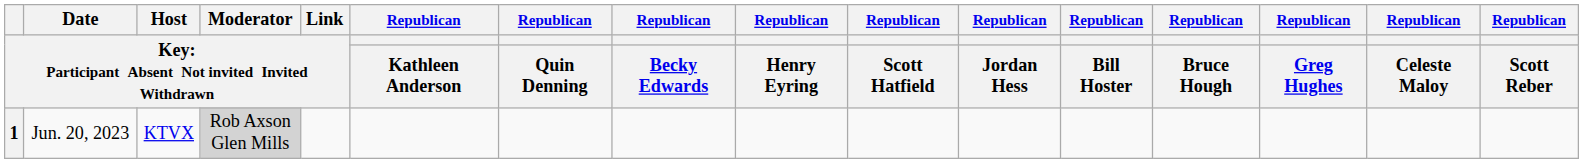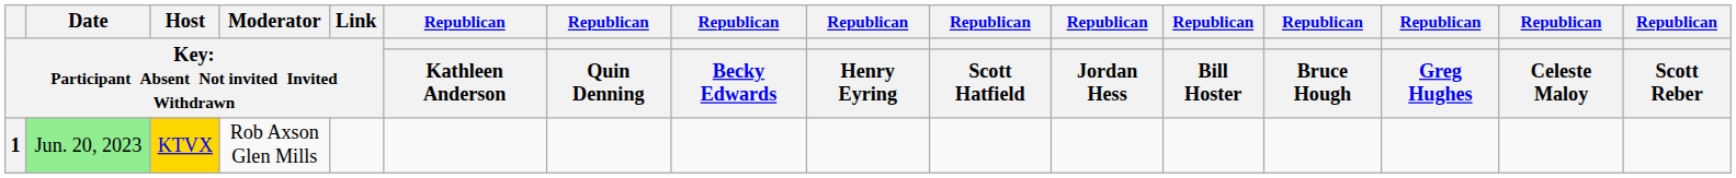 <table class="wikitable" style="text-align:center;font-size:90%;">
 <tr>
 <th scope="col"></th>
 <th scope="col">Date</th>
 <th scope="col">Host</th>
 <th scope="col">Moderator</th>
 <th scope="col">Link</th>
 <th scope="col"><small><a href='#'>Republican</a></small></th>
 <th scope="col"><small><a href='#'>Republican</a></small></th>
 <th scope="col"><small><a href='#'>Republican</a></small></th>
 <th scope="col"><small><a href='#'>Republican</a></small></th>
 <th scope="col"><small><a href='#'>Republican</a></small></th>
 <th scope="col"><small><a href='#'>Republican</a></small></th>
 <th scope="col"><small><a href='#'>Republican</a></small></th>
 <th scope="col"><small><a href='#'>Republican</a></small></th>
 <th scope="col"><small><a href='#'>Republican</a></small></th>
 <th scope="col"><small><a href='#'>Republican</a></small></th>
 <th scope="col"><small><a href='#'>Republican</a></small></th>
 </tr>
 <tr>
 <th colspan="5" rowspan="2">Key:<br> <small>Participant </small>  <small>Absent </small>  <small>Not invited </small>  <small>Invited  Withdrawn</small></th>
 <th scope="col" style="background:"></th>
 <th scope="col" style="background:"></th>
 <th scope="col" style="background:"></th>
 <th scope="col" style="background:"></th>
 <th scope="col" style="background:"></th>
 <th scope="col" style="background:"></th>
 <th scope="col" style="background:"></th>
 <th scope="col" style="background:"></th>
 <th scope="col" style="background:"></th>
 <th scope="col" style="background:"></th>
 <th scope="col" style="background:"></th>
 </tr>
 <tr>
 <th scope="col">Kathleen Anderson</th>
 <th scope="col">Quin Denning</th>
 <th scope="col"><a href='#'>Becky Edwards</a></th>
 <th scope="col">Henry Eyring</th>
 <th scope="col">Scott Hatfield</th>
 <th scope="col">Jordan Hess</th>
 <th scope="col">Bill Hoster</th>
 <th scope="col">Bruce Hough</th>
 <th scope="col"><a href='#'>Greg Hughes</a></th>
 <th scope="col">Celeste Maloy</th>
 <th scope="col">Scott Reber</th>
 </tr>
 <tr>
 <th>1</th>
-<td style="white-space:nowrap;">Jun. 20, 2023</td>
-<td style="white-space:nowrap;"><a href='#'>KTVX</a></td>
-<td style="background: lightgrey; white-space:nowrap;">Rob Axson<br>Glen Mills</td>
+<td style="background: lightgreen; white-space:nowrap;">Jun. 20, 2023</td>
+<td style="background: gold; white-space:nowrap;"><a href='#'>KTVX</a></td>
+<td style="white-space:nowrap;">Rob Axson<br>Glen Mills</td>
 <td style="white-space:nowrap;"><br></td>
 <td></td>
 <td></td>
 <td></td>
 <td></td>
 <td></td>
 <td></td>
 <td></td>
 <td></td>
 <td></td>
 <td></td>
 <td></td>
 </tr>
 </table>
